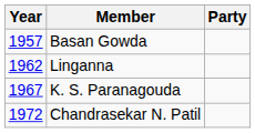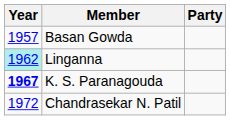 <table class="wikitable sortable">
 <tr>
 <th>Year</th>
 <th>Member</th>
 <th colspan="2">Party</th>
 </tr>
 <tr>
 <td><a href='#'>1957</a></td>
 <td>Basan Gowda</td>
 <td></td>
 </tr>
 <tr>
-<td><a href='#'>1962</a></td>
+<td style="background: paleturquoise;"><a href='#'>1962</a></td>
 <td>Linganna</td>
 <td></td>
 </tr>
 <tr>
-<td><a href='#'>1967</a></td>
+<td><strong><a href='#'>1967</a></strong></td>
 <td>K. S. Paranagouda</td>
 <td></td>
 </tr>
 <tr>
 <td><a href='#'>1972</a></td>
 <td>Chandrasekar N. Patil</td>
 </tr>
 </table>
